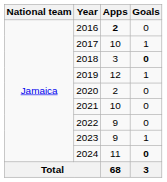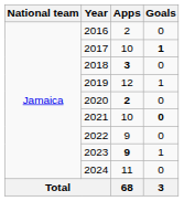 <table class=wikitable style=text-align:center>
 <tr>
 <th>National team</th>
 <th>Year</th>
 <th>Apps</th>
 <th>Goals</th>
 </tr>
 <tr>
 <td rowspan="9"><a href='#'>Jamaica</a></td>
 <td>2016</td>
-<td><strong>2</strong></td>
+<td>2</td>
 <td>0</td>
 </tr>
 <tr>
 <td>2017</td>
 <td>10</td>
-<td>1</td>
+<td><strong>1</strong></td>
 </tr>
 <tr>
 <td>2018</td>
-<td>3</td>
-<td><strong>0</strong></td>
+<td><strong>3</strong></td>
+<td>0</td>
 </tr>
 <tr>
 <td>2019</td>
 <td>12</td>
 <td>1</td>
 </tr>
 <tr>
 <td>2020</td>
-<td>2</td>
+<td><strong>2</strong></td>
 <td>0</td>
 </tr>
 <tr>
 <td>2021</td>
 <td>10</td>
-<td>0</td>
+<td><strong>0</strong></td>
 </tr>
 <tr>
 <td>2022</td>
 <td>9</td>
 <td>0</td>
 </tr>
 <tr>
 <td>2023</td>
-<td>9</td>
+<td><strong>9</strong></td>
 <td>1</td>
 </tr>
 <tr>
 <td>2024</td>
 <td>11</td>
-<td><strong>0</strong></td>
+<td>0</td>
 </tr>
 <tr>
 <th colspan="2">Total</th>
 <th>68</th>
 <th>3</th>
 </tr>
 </table>
